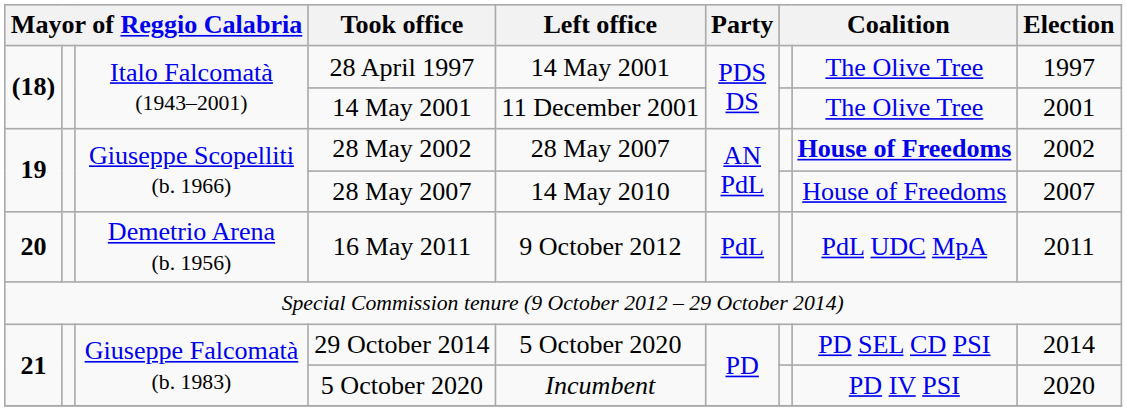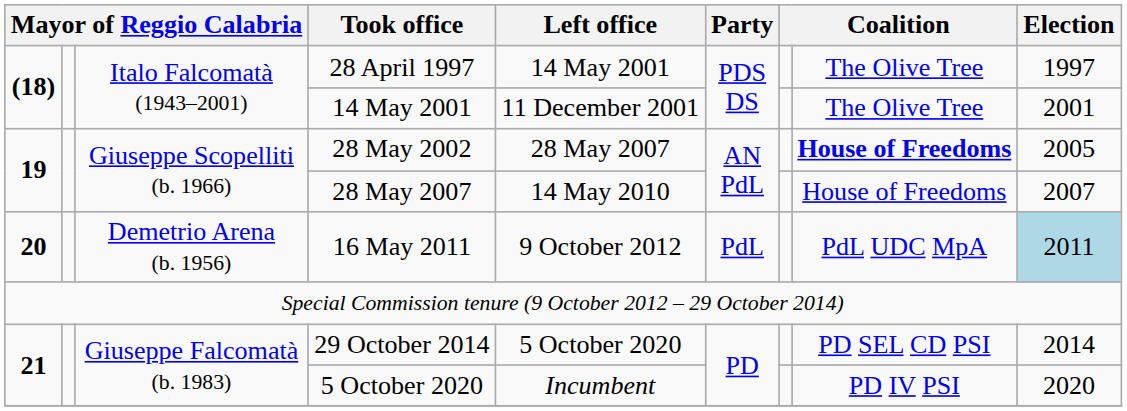 <table class="wikitable" style="text-align: center;">
 <tr>
 <th colspan="3">Mayor of <a href='#'>Reggio Calabria</a></th>
 <th>Took office</th>
 <th>Left office</th>
 <th>Party</th>
 <th colspan="2">Coalition</th>
 <th>Election</th>
 </tr>
 <tr>
 <td rowspan="2" style="background: "><strong>(18)</strong></td>
 <td rowspan="2"></td>
 <td rowspan="2"><a href='#'>Italo Falcomatà</a><br><small>(1943–2001)</small></td>
 <td>28 April 1997</td>
 <td>14 May 2001</td>
 <td rowspan="2"><a href='#'>PDS</a> <br> <a href='#'>DS</a></td>
 <td style="background: "></td>
 <td><a href='#'>The Olive Tree</a></td>
 <td>1997</td>
 </tr>
 <tr>
 <td>14 May 2001</td>
 <td>11 December 2001</td>
 <td style="background: "></td>
 <td><a href='#'>The Olive Tree</a></td>
 <td>2001</td>
 </tr>
 <tr>
 <td rowspan="2" style="background: "><strong>19</strong></td>
 <td rowspan="2"></td>
 <td rowspan="2"><a href='#'>Giuseppe Scopelliti</a><br><small>(b. 1966)</small></td>
 <td>28 May 2002</td>
 <td>28 May 2007</td>
 <td rowspan="2"><a href='#'>AN</a><br><a href='#'>PdL</a></td>
 <td style="background: "></td>
 <td><strong><a href='#'>House of Freedoms</a></strong></td>
-<td>2002</td>
+<td>2005</td>
 </tr>
 <tr>
 <td>28 May 2007</td>
 <td>14 May 2010</td>
 <td style="background: "></td>
 <td><a href='#'>House of Freedoms</a></td>
 <td>2007</td>
 </tr>
 <tr>
 <td style="background: "><strong>20</strong></td>
 <td></td>
 <td><a href='#'>Demetrio Arena</a><br><small>(b. 1956)</small></td>
 <td>16 May 2011</td>
 <td>9 October 2012</td>
 <td><a href='#'>PdL</a></td>
 <td style="background: "></td>
 <td><a href='#'>PdL</a>  <a href='#'>UDC</a>  <a href='#'>MpA</a></td>
-<td>2011</td>
+<td style="background: lightblue;">2011</td>
 </tr>
 <tr>
 <td colspan="10"><small><em>Special Commission tenure (9 October 2012 – 29 October 2014)</em></small></td>
 </tr>
 <tr>
 <td rowspan="2" style="background: "><strong>21</strong></td>
 <td rowspan="2"></td>
 <td rowspan="2"><a href='#'>Giuseppe Falcomatà</a><br><small>(b. 1983)</small></td>
 <td>29 October 2014</td>
 <td>5 October 2020</td>
 <td rowspan="2"><a href='#'>PD</a></td>
 <td style="background: "></td>
 <td><a href='#'>PD</a>  <a href='#'>SEL</a>  <a href='#'>CD</a>  <a href='#'>PSI</a></td>
 <td>2014</td>
 </tr>
 <tr>
 <td>5 October 2020</td>
 <td><em>Incumbent</em></td>
 <td style="background: "></td>
 <td><a href='#'>PD</a>  <a href='#'>IV</a>  <a href='#'>PSI</a></td>
 <td>2020</td>
 </tr>
 <tr>
 </tr>
 </table>
